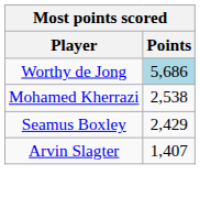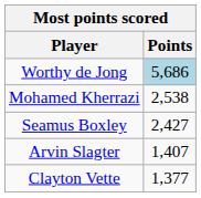 <table class="wikitable" style="text-align:center">
 <tr>
 <th colspan="2" style="text-align:center; ">Most points scored</th>
 </tr>
 <tr>
 <th style="text-align:center; ">Player</th>
 <th style="text-align:center; ">Points</th>
 </tr>
 <tr>
 <td><a href='#'>Worthy de Jong</a></td>
 <td style="background: lightblue;">5,686</td>
 </tr>
 <tr>
 <td><a href='#'>Mohamed Kherrazi</a></td>
 <td>2,538</td>
 </tr>
 <tr>
 <td><a href='#'>Seamus Boxley</a></td>
-<td>2,429</td>
+<td>2,427</td>
 </tr>
 <tr>
 <td><a href='#'>Arvin Slagter</a></td>
 <td>1,407</td>
 </tr>
+<tr>
+<td><a href='#'>Clayton Vette</a></td>
+<td>1,377</td>
+</tr>
 </table>
